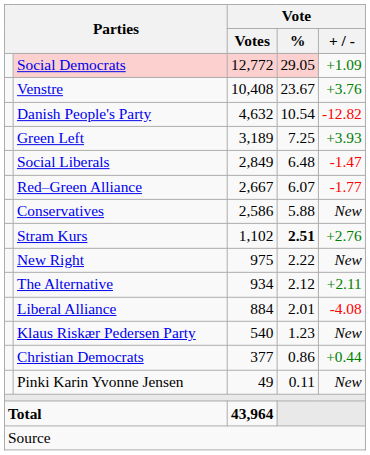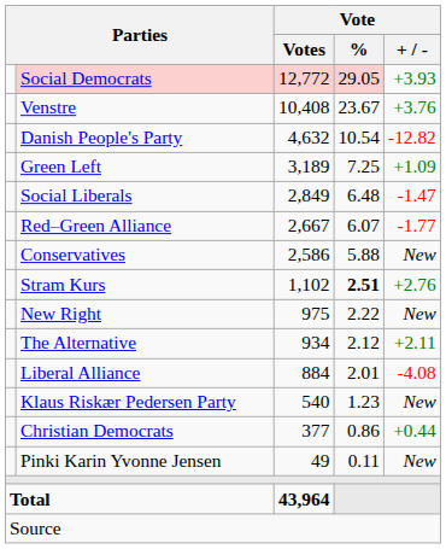 <table class="wikitable" style="text-align:right;">
 <tr>
 <th style="text-align:centre;" rowspan="2" colspan="2" width="225">Parties</th>
 <th colspan="3">Vote</th>
 </tr>
 <tr>
 <th width="15">Votes</th>
 <th width="15">%</th>
 <th width="15">+ / -</th>
 </tr>
 <tr>
 <td width="2" style="color:inherit;background:"></td>
 <td bgcolor=#fbd0ce  align="left"><a href='#'>Social Democrats</a></td>
 <td bgcolor=#fbd0ce>12,772</td>
 <td bgcolor=#fbd0ce>29.05</td>
-<td style=color:green;>+1.09</td>
+<td style=color:green;>+3.93</td>
 </tr>
 <tr>
 <td width="2" style="color:inherit;background:"></td>
 <td align="left"><a href='#'>Venstre</a></td>
 <td>10,408</td>
 <td>23.67</td>
 <td style=color:green;>+3.76</td>
 </tr>
 <tr>
 <td width="2" style="color:inherit;background:"></td>
 <td align="left"><a href='#'>Danish People's Party</a></td>
 <td>4,632</td>
 <td>10.54</td>
 <td style=color:red;>-12.82</td>
 </tr>
 <tr>
 <td width="2" style="color:inherit;background:"></td>
 <td align="left"><a href='#'>Green Left</a></td>
 <td>3,189</td>
 <td>7.25</td>
-<td style=color:green;>+3.93</td>
+<td style=color:green;>+1.09</td>
 </tr>
 <tr>
 <td width="2" style="color:inherit;background:"></td>
 <td align="left"><a href='#'>Social Liberals</a></td>
 <td>2,849</td>
 <td>6.48</td>
 <td style=color:red;>-1.47</td>
 </tr>
 <tr>
 <td width="2" style="color:inherit;background:"></td>
 <td align="left"><a href='#'>Red–Green Alliance</a></td>
 <td>2,667</td>
 <td>6.07</td>
 <td style=color:red;>-1.77</td>
 </tr>
 <tr>
 <td width="2" style="color:inherit;background:"></td>
 <td align="left"><a href='#'>Conservatives</a></td>
 <td>2,586</td>
 <td>5.88</td>
 <td><em>New</em></td>
 </tr>
 <tr>
 <td width="2" style="color:inherit;background:"></td>
 <td align="left"><a href='#'>Stram Kurs</a></td>
 <td>1,102</td>
 <td><strong>2.51</strong></td>
 <td style=color:green;>+2.76</td>
 </tr>
 <tr>
 <td width="2" style="color:inherit;background:"></td>
 <td align="left"><a href='#'>New Right</a></td>
 <td>975</td>
 <td>2.22</td>
 <td><em>New</em></td>
 </tr>
 <tr>
 <td width="2" style="color:inherit;background:"></td>
 <td align="left"><a href='#'>The Alternative</a></td>
 <td>934</td>
 <td>2.12</td>
 <td style=color:green;>+2.11</td>
 </tr>
 <tr>
 <td width="2" style="color:inherit;background:"></td>
 <td align="left"><a href='#'>Liberal Alliance</a></td>
 <td>884</td>
 <td>2.01</td>
 <td style=color:red;>-4.08</td>
 </tr>
 <tr>
 <td width="2" style="color:inherit;background:"></td>
 <td align="left"><a href='#'>Klaus Riskær Pedersen Party</a></td>
 <td>540</td>
 <td>1.23</td>
 <td><em>New</em></td>
 </tr>
 <tr>
 <td width="2" style="color:inherit;background:"></td>
 <td align="left"><a href='#'>Christian Democrats</a></td>
 <td>377</td>
 <td>0.86</td>
 <td style=color:green;>+0.44</td>
 </tr>
 <tr>
 <td width="2" style="color:inherit;background:"></td>
 <td align="left">Pinki Karin Yvonne Jensen</td>
 <td>49</td>
 <td>0.11</td>
 <td><em>New</em></td>
 </tr>
 <tr>
 <td colspan="7" bgcolor="#E9E9E9"></td>
 </tr>
 <tr>
 <td align="left" colspan="2"><strong>Total</strong></td>
 <td><strong>43,964</strong></td>
 <td bgcolor="#E9E9E9" colspan="2"></td>
 </tr>
 <tr>
 <td align="left" colspan="6">Source</td>
 </tr>
 </table>
